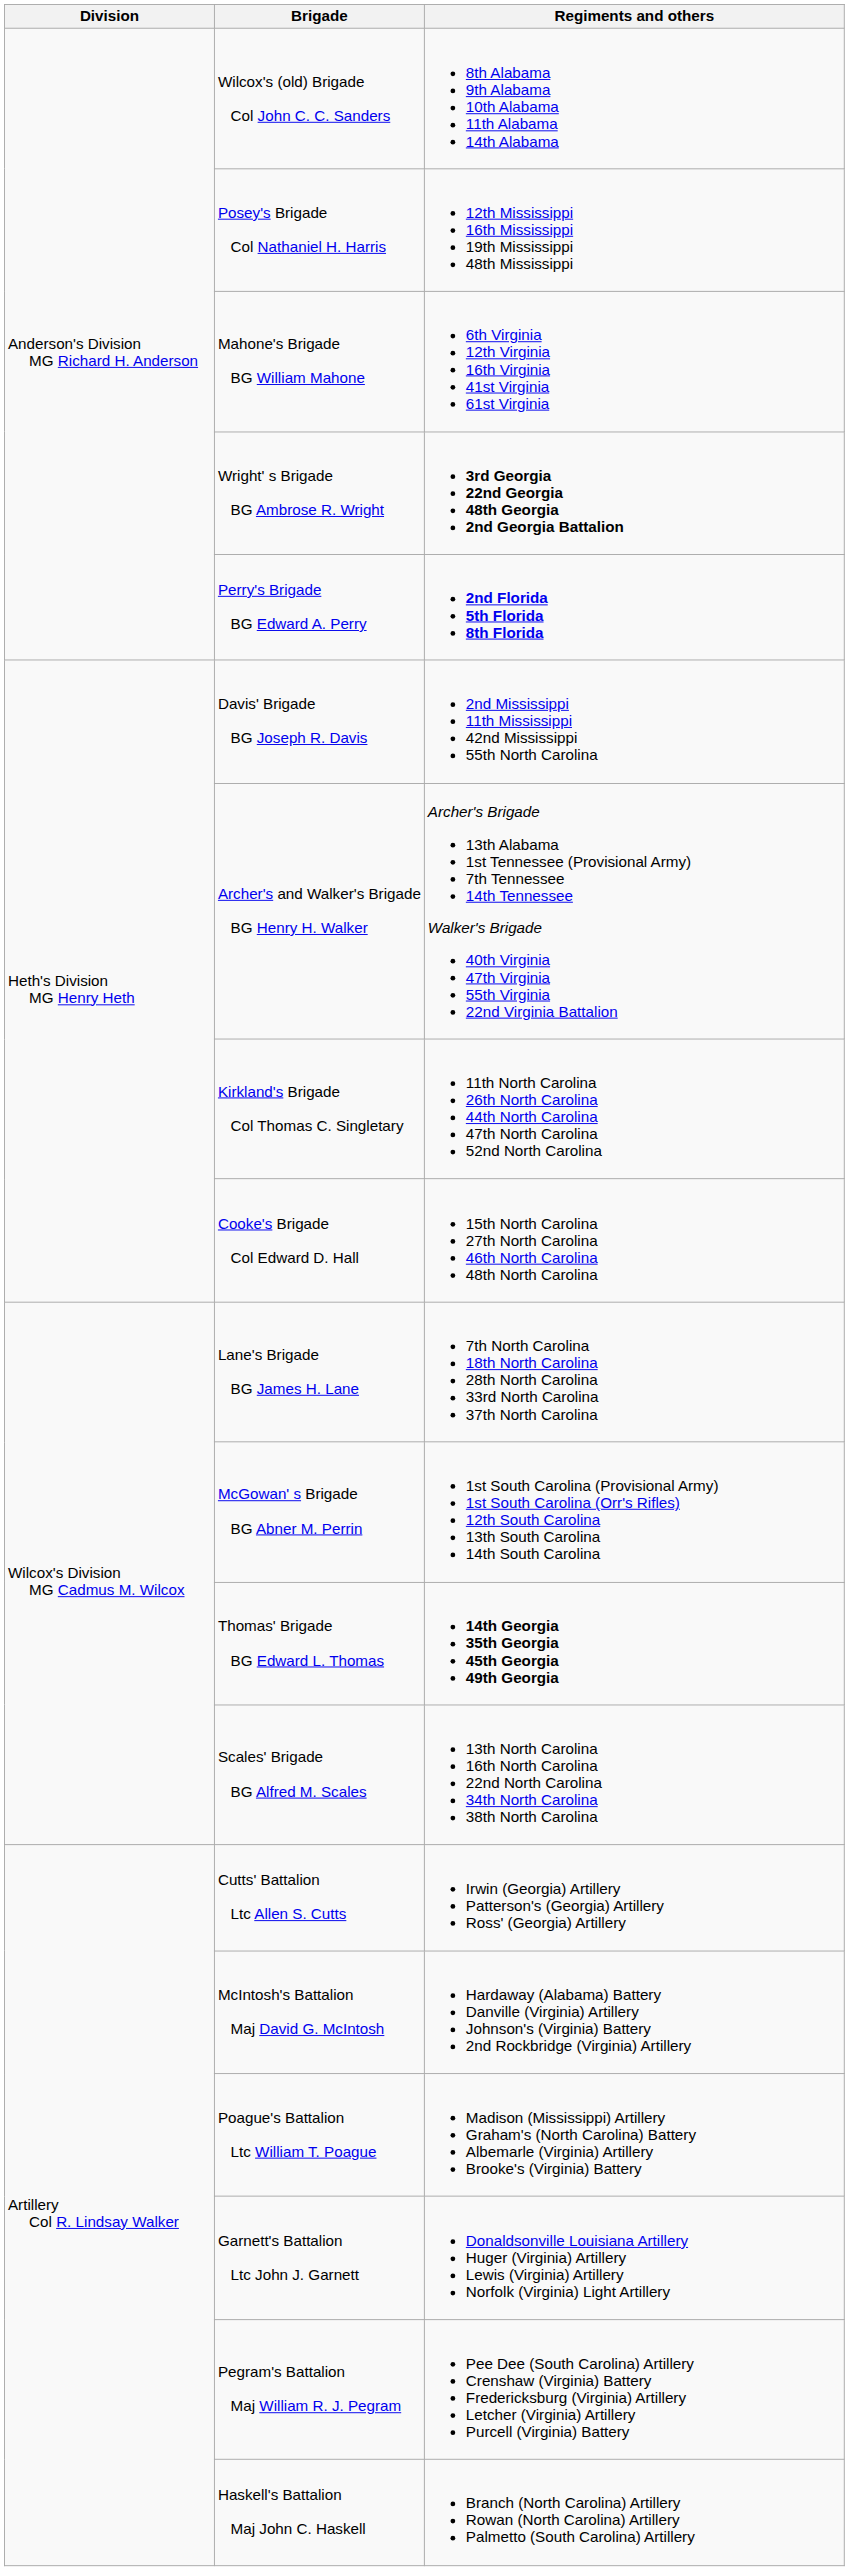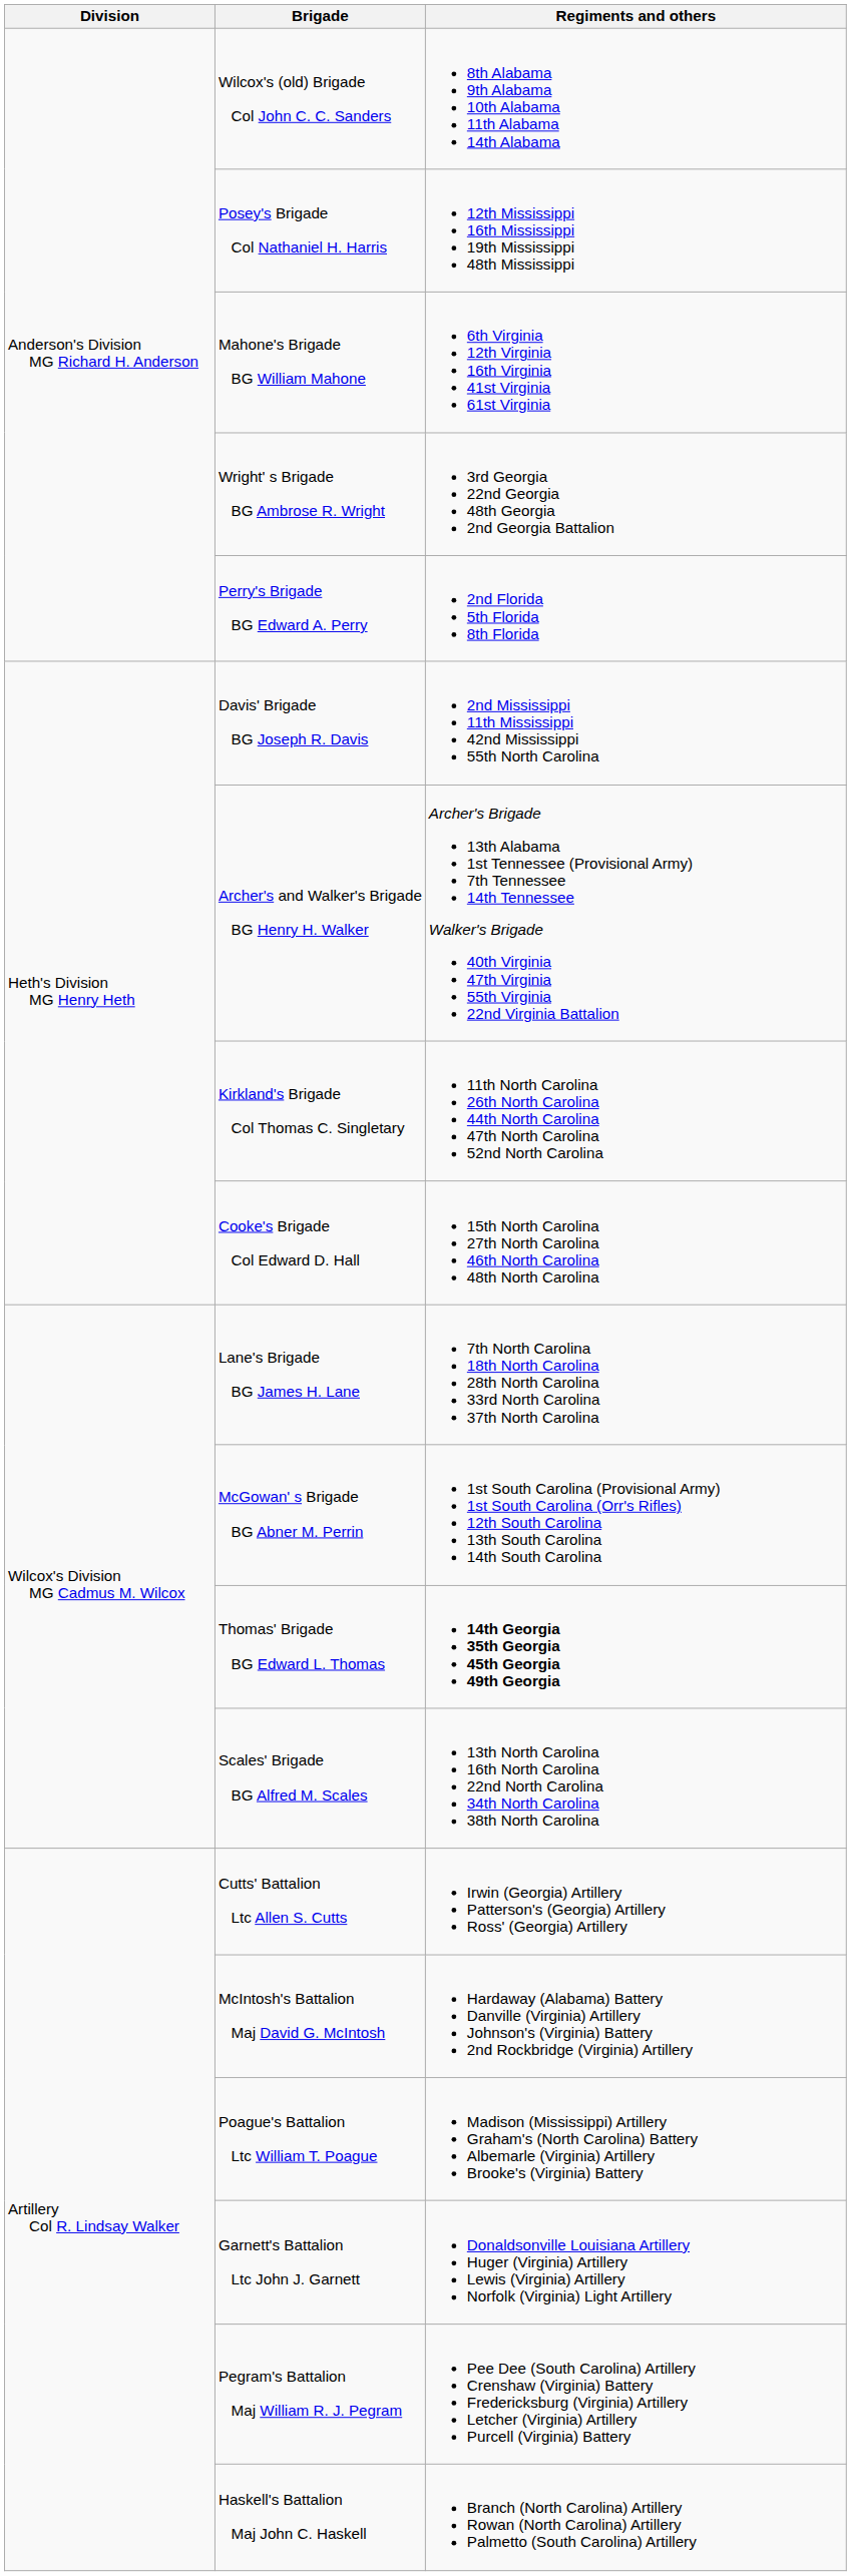 <table class="wikitable">
 <tr>
 <th width=25%>Division</th>
 <th width=25%>Brigade</th>
 <th>Regiments and others</th>
 </tr>
 <tr>
 <td rowspan=5><br>Anderson's Division <br>     MG <a href='#'>Richard H. Anderson</a></td>
 <td>Wilcox's (old) Brigade<br><br>   Col <a href='#'>John C. C. Sanders</a></td>
 <td><br><ul><li><a href='#'>8th Alabama</a></li><li><a href='#'>9th Alabama</a></li><li><a href='#'>10th Alabama</a></li><li><a href='#'>11th Alabama</a></li><li><a href='#'>14th Alabama</a></li></ul></td>
 </tr>
 <tr>
 <td><a href='#'>Posey's</a> Brigade<br><br>   Col <a href='#'>Nathaniel H. Harris</a></td>
 <td><br><ul><li><a href='#'>12th Mississippi</a></li><li><a href='#'>16th Mississippi</a></li><li>19th Mississippi</li><li>48th Mississippi</li></ul></td>
 </tr>
 <tr>
 <td>Mahone's Brigade<br><br>   BG <a href='#'>William Mahone</a></td>
 <td><br><ul><li><a href='#'>6th Virginia</a></li><li><a href='#'>12th Virginia</a></li><li><a href='#'>16th Virginia</a></li><li><a href='#'>41st Virginia</a></li><li><a href='#'>61st Virginia</a></li></ul></td>
 </tr>
 <tr>
 <td>Wright' s Brigade<br><br>   BG <a href='#'>Ambrose R. Wright</a></td>
-<td><strong><br><ul><li>3rd Georgia</li><li>22nd Georgia</li><li>48th Georgia</li><li>2nd Georgia Battalion</li></ul></strong></td>
+<td><br><ul><li>3rd Georgia</li><li>22nd Georgia</li><li>48th Georgia</li><li>2nd Georgia Battalion</li></ul></td>
 </tr>
 <tr>
 <td><a href='#'>Perry's Brigade</a><br><br>   BG <a href='#'>Edward A. Perry</a></td>
-<td><strong><br><ul><li><a href='#'>2nd Florida</a></li><li><a href='#'>5th Florida</a></li><li><a href='#'>8th Florida</a></li></ul></strong></td>
+<td><br><ul><li><a href='#'>2nd Florida</a></li><li><a href='#'>5th Florida</a></li><li><a href='#'>8th Florida</a></li></ul></td>
 </tr>
 <tr>
 <td rowspan=4><br>Heth's Division <br>     MG <a href='#'>Henry Heth</a></td>
 <td>Davis' Brigade<br><br>   BG <a href='#'>Joseph R. Davis</a></td>
 <td><br><ul><li><a href='#'>2nd Mississippi</a></li><li><a href='#'>11th Mississippi</a></li><li>42nd Mississippi</li><li>55th North Carolina</li></ul></td>
 </tr>
 <tr>
 <td><a href='#'>Archer's</a> and Walker's Brigade<br><br>   BG <a href='#'>Henry H. Walker</a></td>
 <td><br><em>Archer's Brigade</em><ul><li>13th Alabama</li><li>1st Tennessee (Provisional Army)</li><li>7th Tennessee</li><li><a href='#'>14th Tennessee</a></li></ul><em>Walker's Brigade</em><ul><li><a href='#'>40th Virginia</a></li><li><a href='#'>47th Virginia</a></li><li><a href='#'>55th Virginia</a></li><li><a href='#'>22nd Virginia Battalion</a></li></ul></td>
 </tr>
 <tr>
 <td><a href='#'>Kirkland's</a> Brigade<br><br>   Col Thomas C. Singletary</td>
 <td><br><ul><li>11th North Carolina</li><li><a href='#'>26th North Carolina</a></li><li><a href='#'>44th North Carolina</a></li><li>47th North Carolina</li><li>52nd North Carolina</li></ul></td>
 </tr>
 <tr>
 <td><a href='#'>Cooke's</a> Brigade<br><br>   Col Edward D. Hall</td>
 <td><br><ul><li>15th North Carolina</li><li>27th North Carolina</li><li><a href='#'>46th North Carolina</a></li><li>48th North Carolina</li></ul></td>
 </tr>
 <tr>
 <td rowspan=4><br>Wilcox's Division <br>     MG <a href='#'>Cadmus M. Wilcox</a></td>
 <td>Lane's Brigade<br><br>   BG <a href='#'>James H. Lane</a></td>
 <td><br><ul><li>7th North Carolina</li><li><a href='#'>18th North Carolina</a></li><li>28th North Carolina</li><li>33rd North Carolina</li><li>37th North Carolina</li></ul></td>
 </tr>
 <tr>
 <td><a href='#'>McGowan' s</a> Brigade<br><br>   BG <a href='#'>Abner M. Perrin</a></td>
 <td><br><ul><li>1st South Carolina (Provisional Army)</li><li><a href='#'>1st South Carolina (Orr's Rifles)</a></li><li><a href='#'>12th South Carolina</a></li><li>13th South Carolina</li><li>14th South Carolina</li></ul></td>
 </tr>
 <tr>
 <td>Thomas' Brigade<br><br>   BG <a href='#'>Edward L. Thomas</a></td>
 <td><strong><br><ul><li>14th Georgia</li><li>35th Georgia</li><li>45th Georgia</li><li>49th Georgia</li></ul></strong></td>
 </tr>
 <tr>
 <td>Scales' Brigade<br><br>   BG <a href='#'>Alfred M. Scales</a></td>
 <td><br><ul><li>13th North Carolina</li><li>16th North Carolina</li><li>22nd North Carolina</li><li><a href='#'>34th North Carolina</a></li><li>38th North Carolina</li></ul></td>
 </tr>
 <tr>
 <td rowspan=6><br>Artillery <br>     Col <a href='#'>R. Lindsay Walker</a></td>
 <td>Cutts' Battalion<br><br>   Ltc <a href='#'>Allen S. Cutts</a></td>
 <td><br><ul><li>Irwin (Georgia) Artillery</li><li>Patterson's (Georgia) Artillery</li><li>Ross' (Georgia) Artillery</li></ul></td>
 </tr>
 <tr>
 <td>McIntosh's Battalion<br><br>   Maj <a href='#'>David G. McIntosh</a></td>
 <td><br><ul><li>Hardaway (Alabama) Battery</li><li>Danville (Virginia) Artillery</li><li>Johnson's (Virginia) Battery</li><li>2nd Rockbridge (Virginia) Artillery</li></ul></td>
 </tr>
 <tr>
 <td>Poague's Battalion<br><br>   Ltc <a href='#'>William T. Poague</a></td>
 <td><br><ul><li>Madison (Mississippi) Artillery</li><li>Graham's (North Carolina) Battery</li><li>Albemarle (Virginia) Artillery</li><li>Brooke's (Virginia) Battery</li></ul></td>
 </tr>
 <tr>
 <td>Garnett's Battalion<br><br>   Ltc John J. Garnett</td>
 <td><br><ul><li><a href='#'>Donaldsonville Louisiana Artillery</a></li><li>Huger (Virginia) Artillery</li><li>Lewis (Virginia) Artillery</li><li>Norfolk (Virginia) Light Artillery</li></ul></td>
 </tr>
 <tr>
 <td>Pegram's Battalion<br><br>   Maj <a href='#'>William R. J. Pegram</a></td>
 <td><br><ul><li>Pee Dee (South Carolina) Artillery</li><li>Crenshaw (Virginia) Battery</li><li>Fredericksburg (Virginia) Artillery</li><li>Letcher (Virginia) Artillery</li><li>Purcell (Virginia) Battery</li></ul></td>
 </tr>
 <tr>
 <td>Haskell's Battalion<br><br>   Maj John C. Haskell</td>
 <td><br><ul><li>Branch (North Carolina) Artillery</li><li>Rowan (North Carolina) Artillery</li><li>Palmetto (South Carolina) Artillery</li></ul></td>
 </tr>
 </table>
